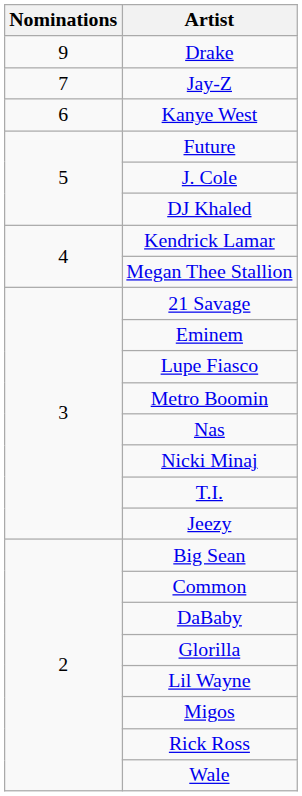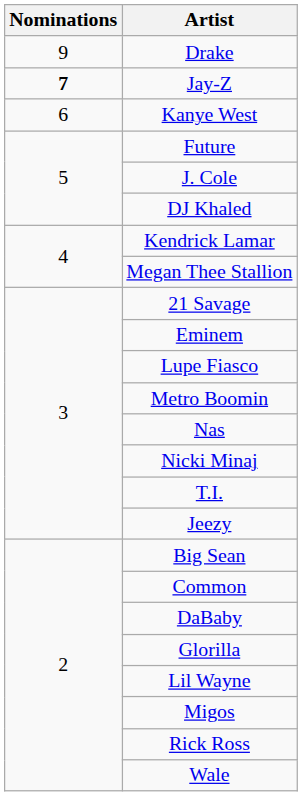 <table class="wikitable" rowspan="2" style="text-align:center;">
 <tr>
 <th scope="col" style="width:55px;">Nominations</th>
 <th scope="col" style="text-align:center;">Artist</th>
 </tr>
 <tr>
 <td>9</td>
 <td><a href='#'>Drake</a></td>
 </tr>
 <tr>
-<td>7</td>
+<td><strong>7</strong></td>
 <td><a href='#'>Jay-Z</a></td>
 </tr>
 <tr>
 <td>6</td>
 <td><a href='#'>Kanye West</a></td>
 </tr>
 <tr>
 <td rowspan="3">5</td>
 <td><a href='#'>Future</a></td>
 </tr>
 <tr>
 <td><a href='#'>J. Cole</a></td>
 </tr>
 <tr>
 <td><a href='#'>DJ Khaled</a></td>
 </tr>
 <tr>
 <td rowspan="2">4</td>
 <td><a href='#'>Kendrick Lamar</a></td>
 </tr>
 <tr>
 <td><a href='#'>Megan Thee Stallion</a></td>
 </tr>
 <tr>
 <td rowspan="8">3</td>
 <td><a href='#'>21 Savage</a></td>
 </tr>
 <tr>
 <td><a href='#'>Eminem</a></td>
 </tr>
 <tr>
 <td><a href='#'>Lupe Fiasco</a></td>
 </tr>
 <tr>
 <td><a href='#'>Metro Boomin</a></td>
 </tr>
 <tr>
 <td><a href='#'>Nas</a></td>
 </tr>
 <tr>
 <td><a href='#'>Nicki Minaj</a></td>
 </tr>
 <tr>
 <td><a href='#'>T.I.</a></td>
 </tr>
 <tr>
 <td><a href='#'>Jeezy</a></td>
 </tr>
 <tr>
 <td rowspan="8">2</td>
 <td><a href='#'>Big Sean</a></td>
 </tr>
 <tr>
 <td><a href='#'>Common</a></td>
 </tr>
 <tr>
 <td><a href='#'>DaBaby</a></td>
 </tr>
 <tr>
 <td><a href='#'>Glorilla</a></td>
 </tr>
 <tr>
 <td><a href='#'>Lil Wayne</a></td>
 </tr>
 <tr>
 <td><a href='#'>Migos</a></td>
 </tr>
 <tr>
 <td><a href='#'>Rick Ross</a></td>
 </tr>
 <tr>
 <td><a href='#'>Wale</a></td>
 </tr>
 </table>
